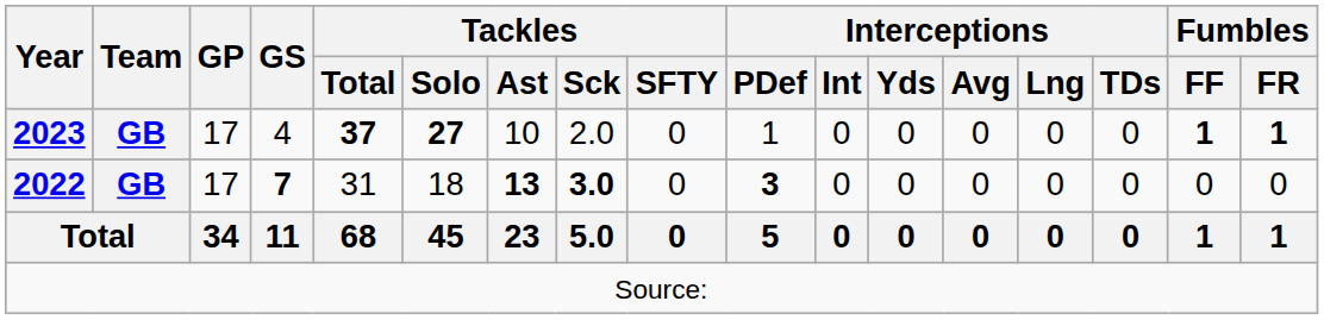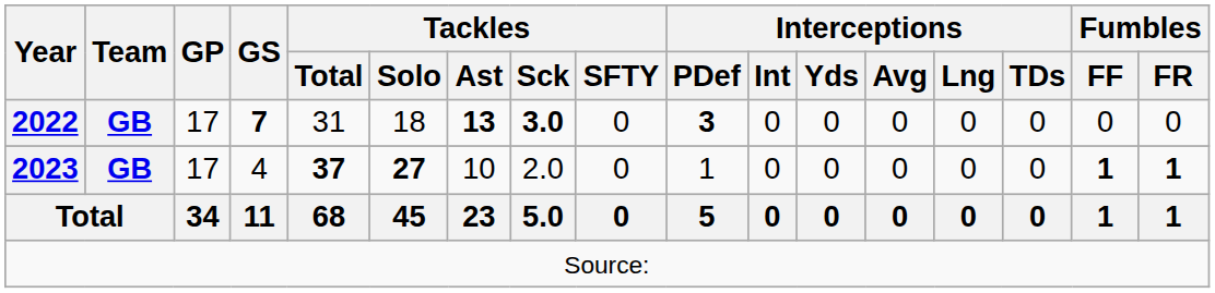 <table class="wikitable" style="text-align: center;">
 <tr>
 <th rowspan=2>Year</th>
 <th rowspan=2>Team</th>
 <th rowspan=2>GP</th>
 <th rowspan=2>GS</th>
 <th colspan=5>Tackles</th>
 <th colspan=6>Interceptions</th>
 <th colspan=2>Fumbles</th>
 </tr>
 <tr>
 <th>Total</th>
 <th>Solo</th>
 <th>Ast</th>
 <th>Sck</th>
 <th>SFTY</th>
 <th>PDef</th>
 <th>Int</th>
 <th>Yds</th>
 <th>Avg</th>
 <th>Lng</th>
 <th>TDs</th>
 <th>FF</th>
 <th>FR</th>
 </tr>
 <tr>
+<th><a href='#'>2022</a></th>
+<th><a href='#'>GB</a></th>
+<td>17</td>
+<td><strong>7</strong></td>
+<td>31</td>
+<td>18</td>
+<td><strong>13</strong></td>
+<td><strong>3.0</strong></td>
+<td>0</td>
+<td><strong>3</strong></td>
+<td>0</td>
+<td>0</td>
+<td>0</td>
+<td>0</td>
+<td>0</td>
+<td>0</td>
+<td>0</td>
+</tr>
+<tr>
 <th><a href='#'>2023</a></th>
 <th><a href='#'>GB</a></th>
 <td>17</td>
 <td>4</td>
 <td><strong>37</strong></td>
 <td><strong>27</strong></td>
 <td>10</td>
 <td>2.0</td>
 <td>0</td>
 <td>1</td>
 <td>0</td>
 <td>0</td>
 <td>0</td>
 <td>0</td>
 <td>0</td>
 <td><strong>1</strong></td>
 <td><strong>1</strong></td>
-</tr>
-<tr>
-<th><a href='#'>2022</a></th>
-<th><a href='#'>GB</a></th>
-<td>17</td>
-<td><strong>7</strong></td>
-<td>31</td>
-<td>18</td>
-<td><strong>13</strong></td>
-<td><strong>3.0</strong></td>
-<td>0</td>
-<td><strong>3</strong></td>
-<td>0</td>
-<td>0</td>
-<td>0</td>
-<td>0</td>
-<td>0</td>
-<td>0</td>
-<td>0</td>
 </tr>
 <tr>
 <th colspan="2">Total</th>
 <th>34</th>
 <th>11</th>
 <th>68</th>
 <th>45</th>
 <th>23</th>
 <th>5.0</th>
 <th>0</th>
 <th>5</th>
 <th>0</th>
 <th>0</th>
 <th>0</th>
 <th>0</th>
 <th>0</th>
 <th>1</th>
 <th>1</th>
 </tr>
 <tr>
 <td colspan="17"><small>Source: </small></td>
 </tr>
 </table>
